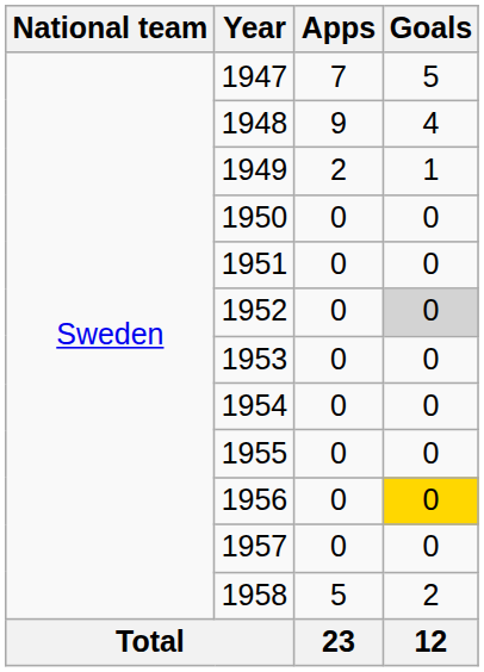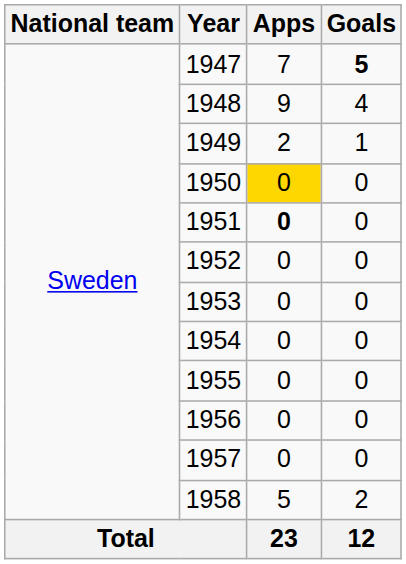 <table class="wikitable" style="text-align:center">
 <tr>
 <th>National team</th>
 <th>Year</th>
 <th>Apps</th>
 <th>Goals</th>
 </tr>
 <tr>
 <td rowspan="12"><a href='#'>Sweden</a></td>
 <td>1947</td>
 <td>7</td>
-<td>5</td>
+<td><strong>5</strong></td>
 </tr>
 <tr>
 <td>1948</td>
 <td>9</td>
 <td>4</td>
 </tr>
 <tr>
 <td>1949</td>
 <td>2</td>
 <td>1</td>
 </tr>
 <tr>
 <td>1950</td>
-<td>0</td>
+<td style="background: gold;">0</td>
 <td>0</td>
 </tr>
 <tr>
 <td>1951</td>
-<td>0</td>
+<td><strong>0</strong></td>
 <td>0</td>
 </tr>
 <tr>
 <td>1952</td>
 <td>0</td>
-<td style="background: lightgrey;">0</td>
+<td>0</td>
 </tr>
 <tr>
 <td>1953</td>
 <td>0</td>
 <td>0</td>
 </tr>
 <tr>
 <td>1954</td>
 <td>0</td>
 <td>0</td>
 </tr>
 <tr>
 <td>1955</td>
 <td>0</td>
 <td>0</td>
 </tr>
 <tr>
 <td>1956</td>
 <td>0</td>
-<td style="background: gold;">0</td>
+<td>0</td>
 </tr>
 <tr>
 <td>1957</td>
 <td>0</td>
 <td>0</td>
 </tr>
 <tr>
 <td>1958</td>
 <td>5</td>
 <td>2</td>
 </tr>
 <tr>
 <th colspan="2">Total</th>
 <th>23</th>
 <th>12</th>
 </tr>
 </table>
